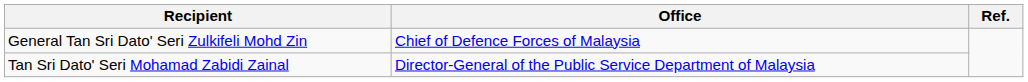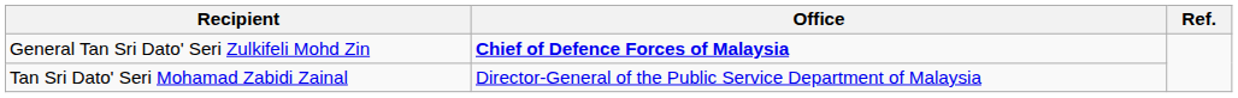 <table class="wikitable">
 <tr>
 <th width=400>Recipient</th>
 <th width=600>Office</th>
 <th width=50>Ref.</th>
 </tr>
 <tr>
 <td>General Tan Sri Dato' Seri <a href='#'>Zulkifeli Mohd Zin</a></td>
-<td><a href='#'>Chief of Defence Forces of Malaysia</a></td>
+<td><strong><a href='#'>Chief of Defence Forces of Malaysia</a></strong></td>
 <td rowspan="2" align=center></td>
 </tr>
 <tr>
 <td>Tan Sri Dato' Seri <a href='#'>Mohamad Zabidi Zainal</a></td>
 <td><a href='#'>Director-General of the Public Service Department of Malaysia</a></td>
 </tr>
 </table>
